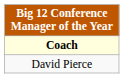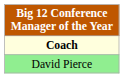 <table class="wikitable" style="text-align:center">
 <tr>
 <td colspan="5" style= "background: #BF5700; color:white"><strong>Big 12 Conference Manager of the Year</strong></td>
 </tr>
 <tr>
 <th style="width:150px; background: #ffffdd;">Coach</th>
 </tr>
 <tr>
-<td>David Pierce</td>
+<td style="background: lightgreen;">David Pierce</td>
 </tr>
 </table>
